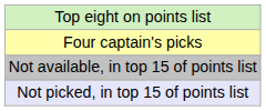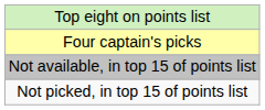 <table class=wikitable style="text-align:center">
 <tr style="background:#d0f0c0;">
 <td>Top eight on points list</td>
 </tr>
 <tr style="background:#ffa;">
 <td>Four captain's picks</td>
 </tr>
 <tr style="background:#c1c1c1;">
 <td>Not available, in top 15 of points list</td>
 </tr>
 <tr>
-<td style="background: lavender;">Not picked, in top 15 of points list</td>
+<td>Not picked, in top 15 of points list</td>
 </tr>
 </table>
